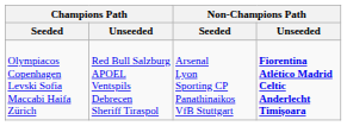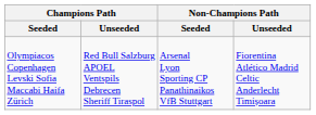 <table class="wikitable" style="font-size:80%">
 <tr>
 <th colspan=2>Champions Path</th>
 <th colspan=2>Non-Champions Path</th>
 </tr>
 <tr>
 <th width=25%>Seeded</th>
 <th width=25%>Unseeded</th>
 <th width=25%>Seeded</th>
 <th width=25%>Unseeded</th>
 </tr>
 <tr>
 <td valign=top><br> <a href='#'>Olympiacos</a><br>  <a href='#'>Copenhagen</a><br>  <a href='#'>Levski Sofia</a><br>  <a href='#'>Maccabi Haifa</a><br>  <a href='#'>Zürich</a></td>
 <td valign=top><br> <a href='#'>Red Bull Salzburg</a><br>  <a href='#'>APOEL</a><br>  <a href='#'>Ventspils</a><br>  <a href='#'>Debrecen</a><br>  <a href='#'>Sheriff Tiraspol</a></td>
 <td valign=top><br> <a href='#'>Arsenal</a><br>  <a href='#'>Lyon</a><br>  <a href='#'>Sporting CP</a><br>  <a href='#'>Panathinaikos</a><br>  <a href='#'>VfB Stuttgart</a></td>
-<td valign=top><strong><br> <a href='#'>Fiorentina</a><br>  <a href='#'>Atlético Madrid</a><br>  <a href='#'>Celtic</a><br>  <a href='#'>Anderlecht</a><br>  <a href='#'>Timișoara</a></strong></td>
+<td valign=top><br> <a href='#'>Fiorentina</a><br>  <a href='#'>Atlético Madrid</a><br>  <a href='#'>Celtic</a><br>  <a href='#'>Anderlecht</a><br>  <a href='#'>Timișoara</a></td>
 </tr>
 </table>
